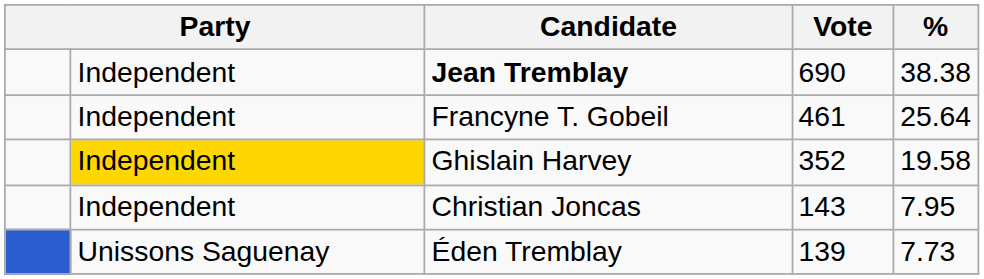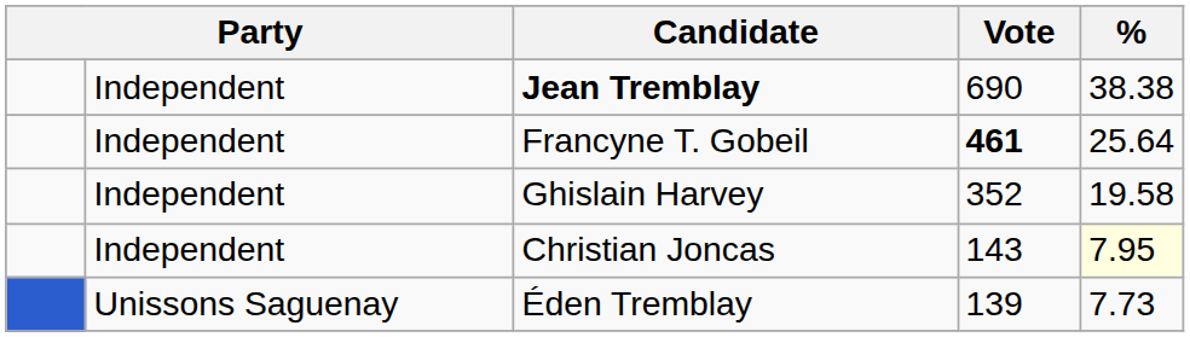 <table class="wikitable">
 <tr>
 <th bgcolor="#DDDDFF" width="230px" colspan="2">Party</th>
 <th bgcolor="#DDDDFF" width="200px">Candidate</th>
 <th bgcolor="#DDDDFF" width="50px">Vote</th>
 <th bgcolor="#DDDDFF" width="30px">%</th>
 </tr>
 <tr>
 <td> </td>
 <td>Independent</td>
 <td><strong>Jean Tremblay</strong></td>
 <td>690</td>
 <td>38.38</td>
 </tr>
 <tr>
 <td> </td>
 <td>Independent</td>
 <td>Francyne T. Gobeil</td>
-<td>461</td>
+<td><strong>461</strong></td>
 <td>25.64</td>
 </tr>
 <tr>
 <td> </td>
-<td style="background: gold;">Independent</td>
+<td>Independent</td>
 <td>Ghislain Harvey</td>
 <td>352</td>
 <td>19.58</td>
 </tr>
 <tr>
 <td> </td>
 <td>Independent</td>
 <td>Christian Joncas</td>
 <td>143</td>
-<td>7.95</td>
+<td style="background: lightyellow;">7.95</td>
 </tr>
 <tr>
 <td bgcolor=#2c5dcf width="30px"> </td>
 <td>Unissons Saguenay</td>
 <td>Éden Tremblay</td>
 <td>139</td>
 <td>7.73</td>
 </tr>
 </table>
